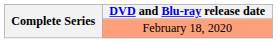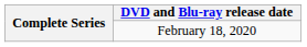 <table class="wikitable plainrowheaders" style="width:40%; text-align:center;">
 <tr>
 <th scope="col" colspan="1" rowspan="2" style="padding:0 8px;">Complete Series</th>
 <th scope="col" style="padding:0 8px;" colspan="1"><a href='#'>DVD</a> and <a href='#'>Blu-ray</a> release date</th>
 </tr>
 <tr>
-<td style="background: lightsalmon;">February 18, 2020</td>
+<td>February 18, 2020</td>
 </tr>
 </table>
